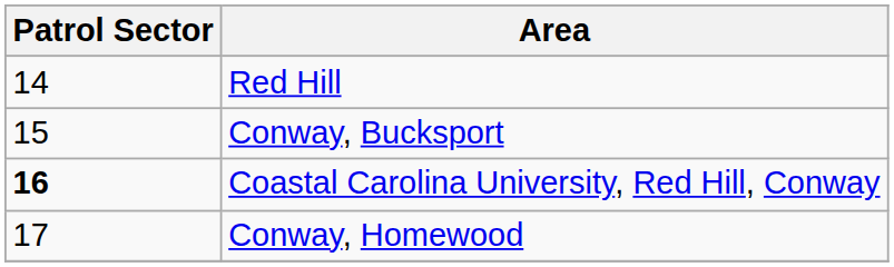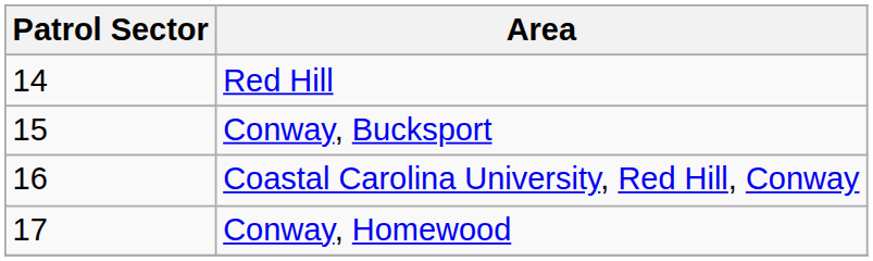 <table class=wikitable>
 <tr style="background:#ccc;">
 <th><strong> Patrol Sector</strong></th>
 <th><strong>Area</strong></th>
 </tr>
 <tr>
 <td>14</td>
 <td><a href='#'>Red Hill</a></td>
 </tr>
 <tr>
 <td>15</td>
 <td><a href='#'>Conway</a>, <a href='#'>Bucksport</a></td>
 </tr>
 <tr>
-<td><strong>16</strong></td>
+<td>16</td>
 <td><a href='#'>Coastal Carolina University</a>, <a href='#'>Red Hill</a>, <a href='#'>Conway</a></td>
 </tr>
 <tr>
 <td>17</td>
 <td><a href='#'>Conway</a>, <a href='#'>Homewood</a></td>
 </tr>
 <tr>
 </tr>
 </table>
